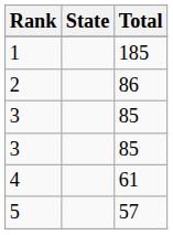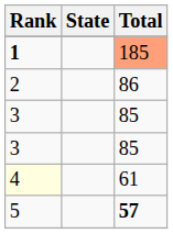 <table class="wikitable">
 <tr>
 <th>Rank</th>
 <th>State</th>
 <th>Total</th>
 </tr>
 <tr>
 </tr>
 <tr>
-<td>1</td>
+<td><strong>1</strong></td>
 <td></td>
-<td>185</td>
+<td style="background: lightsalmon;">185</td>
 </tr>
 <tr>
 <td>2</td>
 <td></td>
 <td>86</td>
 </tr>
 <tr>
 <td>3</td>
 <td></td>
 <td>85</td>
 </tr>
 <tr>
 <td>3</td>
 <td></td>
 <td>85</td>
 </tr>
 <tr>
-<td>4</td>
+<td style="background: lightyellow;">4</td>
 <td></td>
 <td>61</td>
 </tr>
 <tr>
 <td>5</td>
 <td></td>
-<td>57</td>
+<td><strong>57</strong></td>
 </tr>
 <tr>
 </tr>
 </table>
